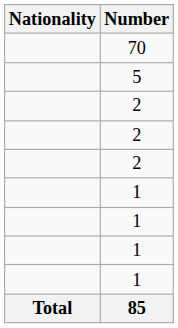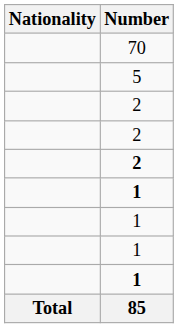 <table class="wikitable sortable">
 <tr>
 <th>Nationality</th>
 <th>Number</th>
 </tr>
 <tr>
 <td></td>
 <td align=center>70</td>
 </tr>
 <tr>
 <td></td>
 <td align=center>5</td>
 </tr>
 <tr>
 <td></td>
 <td align=center>2</td>
 </tr>
 <tr>
 <td></td>
 <td align=center>2</td>
 </tr>
 <tr>
 <td></td>
-<td align=center>2</td>
+<td align=center><strong>2</strong></td>
+</tr>
+<tr>
+<td></td>
+<td align=center><strong>1</strong></td>
 </tr>
 <tr>
 <td></td>
 <td align=center>1</td>
 </tr>
 <tr>
 <td></td>
 <td align=center>1</td>
 </tr>
 <tr>
 <td></td>
-<td align=center>1</td>
-</tr>
-<tr>
-<td></td>
-<td align=center>1</td>
+<td align=center><strong>1</strong></td>
 </tr>
 <tr>
 <th>Total</th>
 <th>85</th>
 </tr>
 </table>
